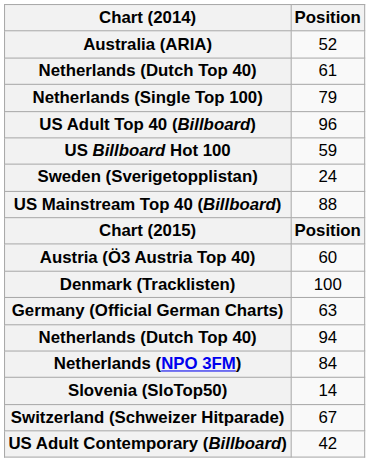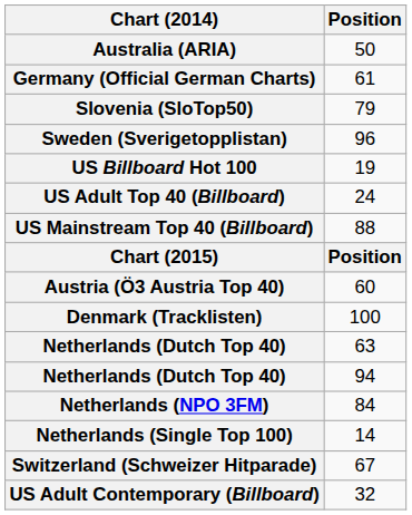 <table class="wikitable sortable plainrowheaders" style="text-align:center;">
 <tr>
 <th scope="col">Chart (2014)</th>
 <th scope="col">Position</th>
 </tr>
 <tr>
 <th scope="row">Australia (ARIA)</th>
-<td>52</td>
+<td>50</td>
 </tr>
 <tr>
-<th scope="row">Netherlands (Dutch Top 40)</th>
+<th scope="row">Germany (Official German Charts)</th>
 <td>61</td>
 </tr>
 <tr>
-<th scope="row">Netherlands (Single Top 100)</th>
+<th scope="row">Slovenia (SloTop50)</th>
 <td>79</td>
 </tr>
 <tr>
-<th scope="row">US Adult Top 40 (<em>Billboard</em>)</th>
+<th scope="row">Sweden (Sverigetopplistan)</th>
 <td>96</td>
 </tr>
 <tr>
 <th scope="row">US <em>Billboard</em> Hot 100</th>
-<td>59</td>
+<td>19</td>
 </tr>
 <tr>
-<th scope="row">Sweden (Sverigetopplistan)</th>
+<th scope="row">US Adult Top 40 (<em>Billboard</em>)</th>
 <td>24</td>
 </tr>
 <tr>
 <th scope="row">US Mainstream Top 40 (<em>Billboard</em>)</th>
 <td>88</td>
 </tr>
 <tr>
 <th scope="col">Chart (2015)</th>
 <th scope="col">Position</th>
 </tr>
 <tr>
 <th scope="row">Austria (Ö3 Austria Top 40)</th>
 <td>60</td>
 </tr>
 <tr>
 <th scope="row">Denmark (Tracklisten)</th>
 <td>100</td>
 </tr>
 <tr>
-<th scope="row">Germany (Official German Charts)</th>
+<th scope="row">Netherlands (Dutch Top 40)</th>
 <td>63</td>
 </tr>
 <tr>
 <th scope="row">Netherlands (Dutch Top 40)</th>
 <td>94</td>
 </tr>
 <tr>
 <th scope="row">Netherlands (<a href='#'>NPO 3FM</a>)</th>
 <td>84</td>
 </tr>
 <tr>
-<th scope="row">Slovenia (SloTop50)</th>
+<th scope="row">Netherlands (Single Top 100)</th>
 <td>14</td>
 </tr>
 <tr>
 <th scope="row">Switzerland (Schweizer Hitparade)</th>
 <td>67</td>
 </tr>
 <tr>
 <th scope="row">US Adult Contemporary (<em>Billboard</em>)</th>
-<td>42</td>
+<td>32</td>
 </tr>
 </table>
